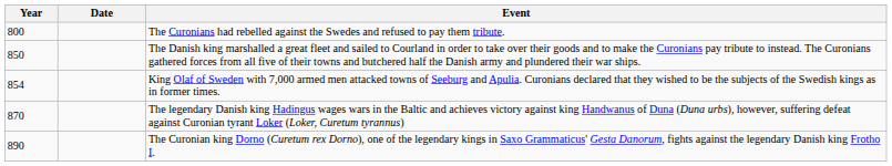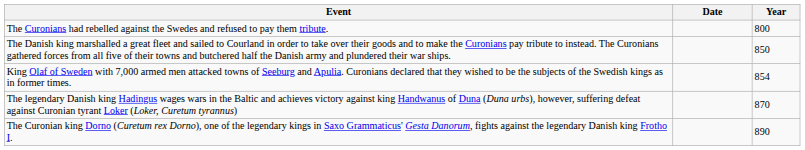 <table class="wikitable" width="100%">
 <tr>
+<th>Event</th>
+<th style="width:10%">Date</th>
 <th style="width:6%">Year</th>
-<th style="width:10%">Date</th>
-<th>Event</th>
 </tr>
 <tr>
+<td>The <a href='#'>Curonians</a> had rebelled against the Swedes and refused to pay them <a href='#'>tribute</a>.</td>
+<td></td>
 <td>800</td>
-<td></td>
-<td>The <a href='#'>Curonians</a> had rebelled against the Swedes and refused to pay them <a href='#'>tribute</a>.</td>
 </tr>
 <tr>
+<td>The Danish king marshalled a great fleet and sailed to Courland in order to take over their goods and to make the <a href='#'>Curonians</a> pay tribute to instead. The Curonians gathered forces from all five of their towns and butchered half the Danish army and plundered their war ships.</td>
+<td></td>
 <td>850</td>
-<td></td>
-<td>The Danish king marshalled a great fleet and sailed to Courland in order to take over their goods and to make the <a href='#'>Curonians</a> pay tribute to instead. The Curonians gathered forces from all five of their towns and butchered half the Danish army and plundered their war ships.</td>
 </tr>
 <tr>
+<td>King <a href='#'>Olaf of Sweden</a> with 7,000 armed men attacked towns of <a href='#'>Seeburg</a> and <a href='#'>Apulia</a>. Curonians declared that they wished to be the subjects of the Swedish kings as in former times.</td>
+<td></td>
 <td>854</td>
-<td></td>
-<td>King <a href='#'>Olaf of Sweden</a> with 7,000 armed men attacked towns of <a href='#'>Seeburg</a> and <a href='#'>Apulia</a>. Curonians declared that they wished to be the subjects of the Swedish kings as in former times.</td>
 </tr>
 <tr>
+<td>The legendary Danish king <a href='#'>Hadingus</a> wages wars in the Baltic and achieves victory against king <a href='#'>Handwanus</a> of <a href='#'>Duna</a> (<em>Duna urbs</em>), however, suffering defeat against Curonian tyrant <a href='#'>Loker</a> (<em>Loker, Curetum tyrannus</em>)</td>
+<td></td>
 <td>870</td>
-<td></td>
-<td>The legendary Danish king <a href='#'>Hadingus</a> wages wars in the Baltic and achieves victory against king <a href='#'>Handwanus</a> of <a href='#'>Duna</a> (<em>Duna urbs</em>), however, suffering defeat against Curonian tyrant <a href='#'>Loker</a> (<em>Loker, Curetum tyrannus</em>)</td>
 </tr>
 <tr>
+<td>The Curonian king <a href='#'>Dorno</a> (<em>Curetum rex Dorno</em>), one of the legendary kings in <a href='#'>Saxo Grammaticus</a>' <em><a href='#'>Gesta Danorum</a></em>, fights against the legendary Danish king <a href='#'>Frotho I</a>.</td>
+<td></td>
 <td>890</td>
-<td></td>
-<td>The Curonian king <a href='#'>Dorno</a> (<em>Curetum rex Dorno</em>), one of the legendary kings in <a href='#'>Saxo Grammaticus</a>' <em><a href='#'>Gesta Danorum</a></em>, fights against the legendary Danish king <a href='#'>Frotho I</a>.</td>
 </tr>
 </table>
